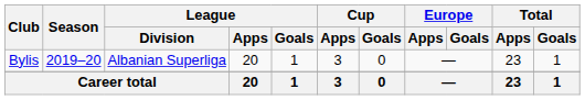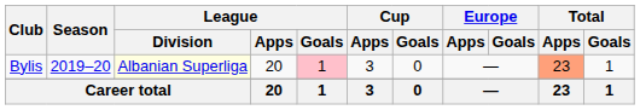 <table class="wikitable" style="text-align:center">
 <tr>
 <th rowspan="2">Club</th>
 <th rowspan="2">Season</th>
 <th colspan="3">League</th>
 <th colspan="2">Cup</th>
 <th colspan="2"><a href='#'>Europe</a></th>
 <th colspan="2">Total</th>
 </tr>
 <tr>
 <th>Division</th>
 <th>Apps</th>
 <th>Goals</th>
 <th>Apps</th>
 <th>Goals</th>
 <th>Apps</th>
 <th>Goals</th>
 <th>Apps</th>
 <th>Goals</th>
 </tr>
 <tr>
 <td rowspan="1" valign="center"><a href='#'>Bylis</a></td>
 <td><a href='#'>2019–20</a></td>
-<td rowspan="1"><a href='#'>Albanian Superliga</a></td>
+<td rowspan="1" style="background: lightyellow;"><a href='#'>Albanian Superliga</a></td>
 <td>20</td>
-<td>1</td>
+<td style="background: pink;">1</td>
 <td>3</td>
 <td>0</td>
 <td colspan="2">—</td>
-<td>23</td>
+<td style="background: lightsalmon;">23</td>
 <td>1</td>
 </tr>
 <tr>
 </tr>
 <tr>
 <th colspan="3">Career total</th>
 <th>20</th>
 <th>1</th>
 <th>3</th>
 <th>0</th>
 <th colspan="2">—</th>
 <th>23</th>
 <th>1</th>
 </tr>
 </table>
